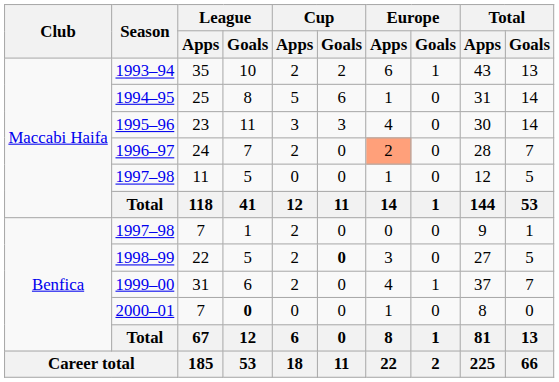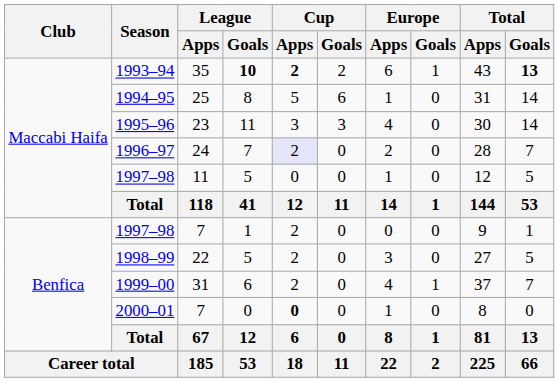 <table class="wikitable" style="text-align: center;">
 <tr>
 <th rowspan="2">Club</th>
 <th rowspan="2">Season</th>
 <th colspan="2">League</th>
 <th colspan="2">Cup</th>
 <th colspan="2">Europe</th>
 <th colspan="2">Total</th>
 </tr>
 <tr>
 <th>Apps</th>
 <th>Goals</th>
 <th>Apps</th>
 <th>Goals</th>
 <th>Apps</th>
 <th>Goals</th>
 <th>Apps</th>
 <th>Goals</th>
 </tr>
 <tr>
 <td rowspan="6"><a href='#'>Maccabi Haifa</a></td>
 <td><a href='#'>1993–94</a></td>
 <td>35</td>
-<td>10</td>
-<td>2</td>
+<td><strong>10</strong></td>
+<td><strong>2</strong></td>
 <td>2</td>
 <td>6</td>
 <td>1</td>
 <td>43</td>
-<td>13</td>
+<td><strong>13</strong></td>
 </tr>
 <tr>
 <td><a href='#'>1994–95</a></td>
 <td>25</td>
 <td>8</td>
 <td>5</td>
 <td>6</td>
 <td>1</td>
 <td>0</td>
 <td>31</td>
 <td>14</td>
 </tr>
 <tr>
 <td><a href='#'>1995–96</a></td>
 <td>23</td>
 <td>11</td>
 <td>3</td>
 <td>3</td>
 <td>4</td>
 <td>0</td>
 <td>30</td>
 <td>14</td>
 </tr>
 <tr>
 <td><a href='#'>1996–97</a></td>
 <td>24</td>
 <td>7</td>
+<td style="background: lavender;">2</td>
+<td>0</td>
 <td>2</td>
-<td>0</td>
-<td style="background: lightsalmon;">2</td>
 <td>0</td>
 <td>28</td>
 <td>7</td>
 </tr>
 <tr>
 <td><a href='#'>1997–98</a></td>
 <td>11</td>
 <td>5</td>
 <td>0</td>
 <td>0</td>
 <td>1</td>
 <td>0</td>
 <td>12</td>
 <td>5</td>
 </tr>
 <tr>
 <th>Total</th>
 <th>118</th>
 <th>41</th>
 <th>12</th>
 <th>11</th>
 <th>14</th>
 <th>1</th>
 <th>144</th>
 <th>53</th>
 </tr>
 <tr>
 <td rowspan="5"><a href='#'>Benfica</a></td>
 <td><a href='#'>1997–98</a></td>
 <td>7</td>
 <td>1</td>
 <td>2</td>
 <td>0</td>
 <td>0</td>
 <td>0</td>
 <td>9</td>
 <td>1</td>
 </tr>
 <tr>
 <td><a href='#'>1998–99</a></td>
 <td>22</td>
 <td>5</td>
 <td>2</td>
-<td><strong>0</strong></td>
+<td>0</td>
 <td>3</td>
 <td>0</td>
 <td>27</td>
 <td>5</td>
 </tr>
 <tr>
 <td><a href='#'>1999–00</a></td>
 <td>31</td>
 <td>6</td>
 <td>2</td>
 <td>0</td>
 <td>4</td>
 <td>1</td>
 <td>37</td>
 <td>7</td>
 </tr>
 <tr>
 <td><a href='#'>2000–01</a></td>
 <td>7</td>
+<td>0</td>
 <td><strong>0</strong></td>
-<td>0</td>
 <td>0</td>
 <td>1</td>
 <td>0</td>
 <td>8</td>
 <td>0</td>
 </tr>
 <tr>
 <th>Total</th>
 <th>67</th>
 <th>12</th>
 <th>6</th>
 <th>0</th>
 <th>8</th>
 <th>1</th>
 <th>81</th>
 <th>13</th>
 </tr>
 <tr>
 <th colspan="2">Career total</th>
 <th>185</th>
 <th>53</th>
 <th>18</th>
 <th>11</th>
 <th>22</th>
 <th>2</th>
 <th>225</th>
 <th>66</th>
 </tr>
 </table>
